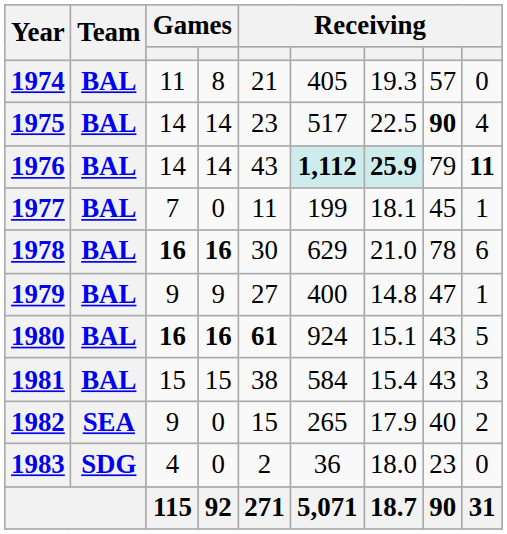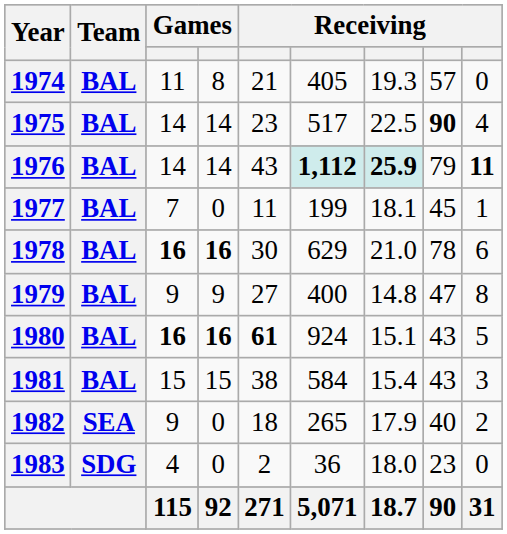 <table class=wikitable style="text-align:center;">
 <tr>
 <th rowspan="2">Year</th>
 <th rowspan="2">Team</th>
 <th colspan="2">Games</th>
 <th colspan="5">Receiving</th>
 </tr>
 <tr>
 <th></th>
 <th></th>
 <th></th>
 <th></th>
 <th></th>
 <th></th>
 <th></th>
 </tr>
 <tr>
 <th><a href='#'>1974</a></th>
 <th><a href='#'>BAL</a></th>
 <td>11</td>
 <td>8</td>
 <td>21</td>
 <td>405</td>
 <td>19.3</td>
 <td>57</td>
 <td>0</td>
 </tr>
 <tr>
 <th><a href='#'>1975</a></th>
 <th><a href='#'>BAL</a></th>
 <td>14</td>
 <td>14</td>
 <td>23</td>
 <td>517</td>
 <td>22.5</td>
 <td><strong>90</strong></td>
 <td>4</td>
 </tr>
 <tr>
 <th><a href='#'>1976</a></th>
 <th><a href='#'>BAL</a></th>
 <td>14</td>
 <td>14</td>
 <td>43</td>
 <td style="background:#cfecec"><strong>1,112</strong></td>
 <td style="background:#cfecec"><strong>25.9</strong></td>
 <td>79</td>
 <td><strong>11</strong></td>
 </tr>
 <tr>
 <th><a href='#'>1977</a></th>
 <th><a href='#'>BAL</a></th>
 <td>7</td>
 <td>0</td>
 <td>11</td>
 <td>199</td>
 <td>18.1</td>
 <td>45</td>
 <td>1</td>
 </tr>
 <tr>
 <th><a href='#'>1978</a></th>
 <th><a href='#'>BAL</a></th>
 <td><strong>16</strong></td>
 <td><strong>16</strong></td>
 <td>30</td>
 <td>629</td>
 <td>21.0</td>
 <td>78</td>
 <td>6</td>
 </tr>
 <tr>
 <th><a href='#'>1979</a></th>
 <th><a href='#'>BAL</a></th>
 <td>9</td>
 <td>9</td>
 <td>27</td>
 <td>400</td>
 <td>14.8</td>
 <td>47</td>
-<td>1</td>
+<td>8</td>
 </tr>
 <tr>
 <th><a href='#'>1980</a></th>
 <th><a href='#'>BAL</a></th>
 <td><strong>16</strong></td>
 <td><strong>16</strong></td>
 <td><strong>61</strong></td>
 <td>924</td>
 <td>15.1</td>
 <td>43</td>
 <td>5</td>
 </tr>
 <tr>
 <th><a href='#'>1981</a></th>
 <th><a href='#'>BAL</a></th>
 <td>15</td>
 <td>15</td>
 <td>38</td>
 <td>584</td>
 <td>15.4</td>
 <td>43</td>
 <td>3</td>
 </tr>
 <tr>
 <th><a href='#'>1982</a></th>
 <th><a href='#'>SEA</a></th>
 <td>9</td>
 <td>0</td>
-<td>15</td>
+<td>18</td>
 <td>265</td>
 <td>17.9</td>
 <td>40</td>
 <td>2</td>
 </tr>
 <tr>
 <th><a href='#'>1983</a></th>
 <th><a href='#'>SDG</a></th>
 <td>4</td>
 <td>0</td>
 <td>2</td>
 <td>36</td>
 <td>18.0</td>
 <td>23</td>
 <td>0</td>
 </tr>
 <tr>
 <th colspan="2"></th>
 <th>115</th>
 <th>92</th>
 <th>271</th>
 <th>5,071</th>
 <th>18.7</th>
 <th>90</th>
 <th>31</th>
 </tr>
 </table>
